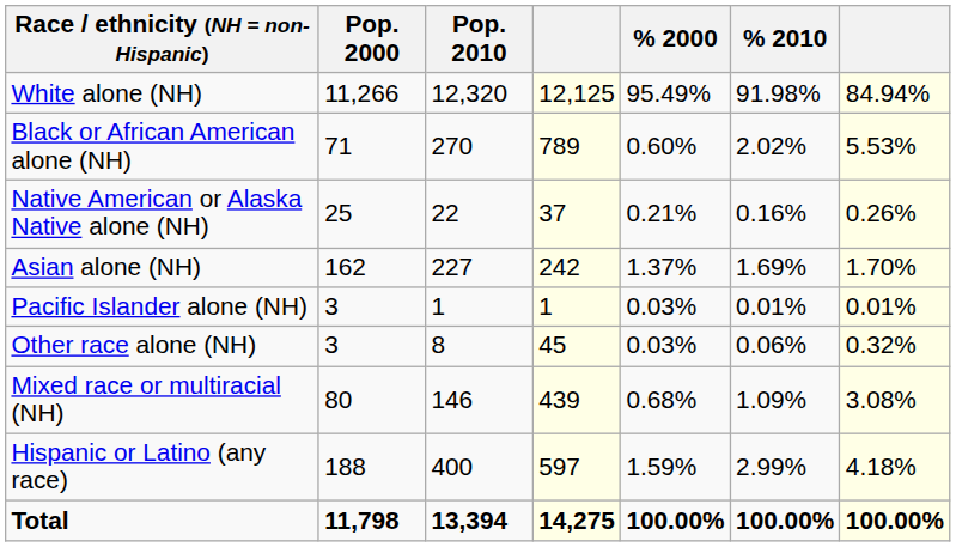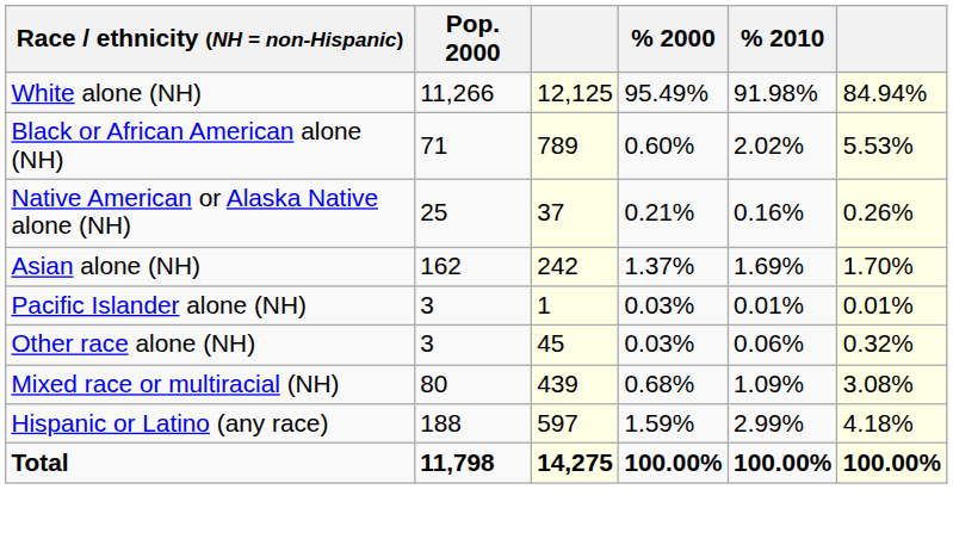 <table class="wikitable">
 <tr>
 <th>Race / ethnicity <small>(<em>NH = non-Hispanic</em>)</small></th>
 <th>Pop. 2000</th>
-<th>Pop. 2010</th>
 <th></th>
 <th>% 2000</th>
 <th>% 2010</th>
 <th></th>
 </tr>
 <tr>
 <td><a href='#'>White</a> alone (NH)</td>
 <td>11,266</td>
-<td>12,320</td>
 <td style='background: #ffffe6;'>12,125</td>
 <td>95.49%</td>
 <td>91.98%</td>
 <td style='background: #ffffe6;'>84.94%</td>
 </tr>
 <tr>
 <td><a href='#'>Black or African American</a> alone (NH)</td>
 <td>71</td>
-<td>270</td>
 <td style='background: #ffffe6;'>789</td>
 <td>0.60%</td>
 <td>2.02%</td>
 <td style='background: #ffffe6;'>5.53%</td>
 </tr>
 <tr>
 <td><a href='#'>Native American</a> or <a href='#'>Alaska Native</a> alone (NH)</td>
 <td>25</td>
-<td>22</td>
 <td style='background: #ffffe6;'>37</td>
 <td>0.21%</td>
 <td>0.16%</td>
 <td style='background: #ffffe6;'>0.26%</td>
 </tr>
 <tr>
 <td><a href='#'>Asian</a> alone (NH)</td>
 <td>162</td>
-<td>227</td>
 <td style='background: #ffffe6;'>242</td>
 <td>1.37%</td>
 <td>1.69%</td>
 <td style='background: #ffffe6;'>1.70%</td>
 </tr>
 <tr>
 <td><a href='#'>Pacific Islander</a> alone (NH)</td>
 <td>3</td>
-<td>1</td>
 <td style='background: #ffffe6;'>1</td>
 <td>0.03%</td>
 <td>0.01%</td>
 <td style='background: #ffffe6;'>0.01%</td>
 </tr>
 <tr>
 <td><a href='#'>Other race</a> alone (NH)</td>
 <td>3</td>
-<td>8</td>
 <td style='background: #ffffe6;'>45</td>
 <td>0.03%</td>
 <td>0.06%</td>
 <td style='background: #ffffe6;'>0.32%</td>
 </tr>
 <tr>
 <td><a href='#'>Mixed race or multiracial</a> (NH)</td>
 <td>80</td>
-<td>146</td>
 <td style='background: #ffffe6;'>439</td>
 <td>0.68%</td>
 <td>1.09%</td>
 <td style='background: #ffffe6;'>3.08%</td>
 </tr>
 <tr>
 <td><a href='#'>Hispanic or Latino</a> (any race)</td>
 <td>188</td>
-<td>400</td>
 <td style='background: #ffffe6;'>597</td>
 <td>1.59%</td>
 <td>2.99%</td>
 <td style='background: #ffffe6;'>4.18%</td>
 </tr>
 <tr>
 <td><strong>Total</strong></td>
 <td><strong>11,798</strong></td>
-<td><strong>13,394</strong></td>
 <td style='background: #ffffe6;'><strong>14,275</strong></td>
 <td><strong>100.00%</strong></td>
 <td><strong>100.00%</strong></td>
 <td style='background: #ffffe6;'><strong>100.00%</strong></td>
 </tr>
 </table>
